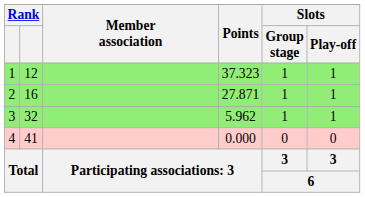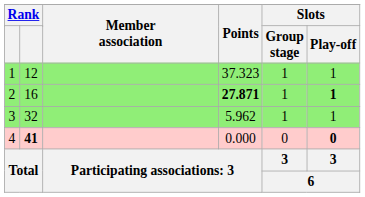 <table class="wikitable" style="text-align:center">
 <tr>
 </tr>
 <tr>
 <th colspan=2 rowspan=2><a href='#'>Rank</a></th>
 <th rowspan=3 width=200>Member<br>association</th>
 <th rowspan=3>Points</th>
 <th colspan=3>Slots</th>
 </tr>
 <tr>
 <th rowspan=2>Group<br>stage</th>
 <th rowspan=2>Play-off</th>
 </tr>
 <tr>
 <th></th>
 <th></th>
 </tr>
 <tr bgcolor=#90ee77>
 <td>1</td>
 <td>12</td>
 <td align=left></td>
 <td>37.323</td>
 <td>1</td>
 <td>1</td>
 </tr>
 <tr bgcolor=#90ee77>
 <td>2</td>
 <td>16</td>
 <td align=left></td>
-<td>27.871</td>
+<td><strong>27.871</strong></td>
 <td>1</td>
-<td>1</td>
+<td><strong>1</strong></td>
 </tr>
 <tr bgcolor=#90ee77>
 <td>3</td>
 <td>32</td>
 <td align=left></td>
 <td>5.962</td>
 <td>1</td>
 <td>1</td>
 </tr>
 <tr bgcolor=#ffcccc>
 <td>4</td>
-<td>41</td>
+<td><strong>41</strong></td>
 <td align=left></td>
 <td>0.000</td>
 <td>0</td>
-<td>0</td>
+<td><strong>0</strong></td>
 </tr>
 <tr>
 <th colspan=2 rowspan=2>Total</th>
 <th colspan=2 rowspan=2>Participating associations: 3</th>
 <th>3</th>
 <th>3</th>
 </tr>
 <tr>
 <th colspan=3>6</th>
 </tr>
 </table>
